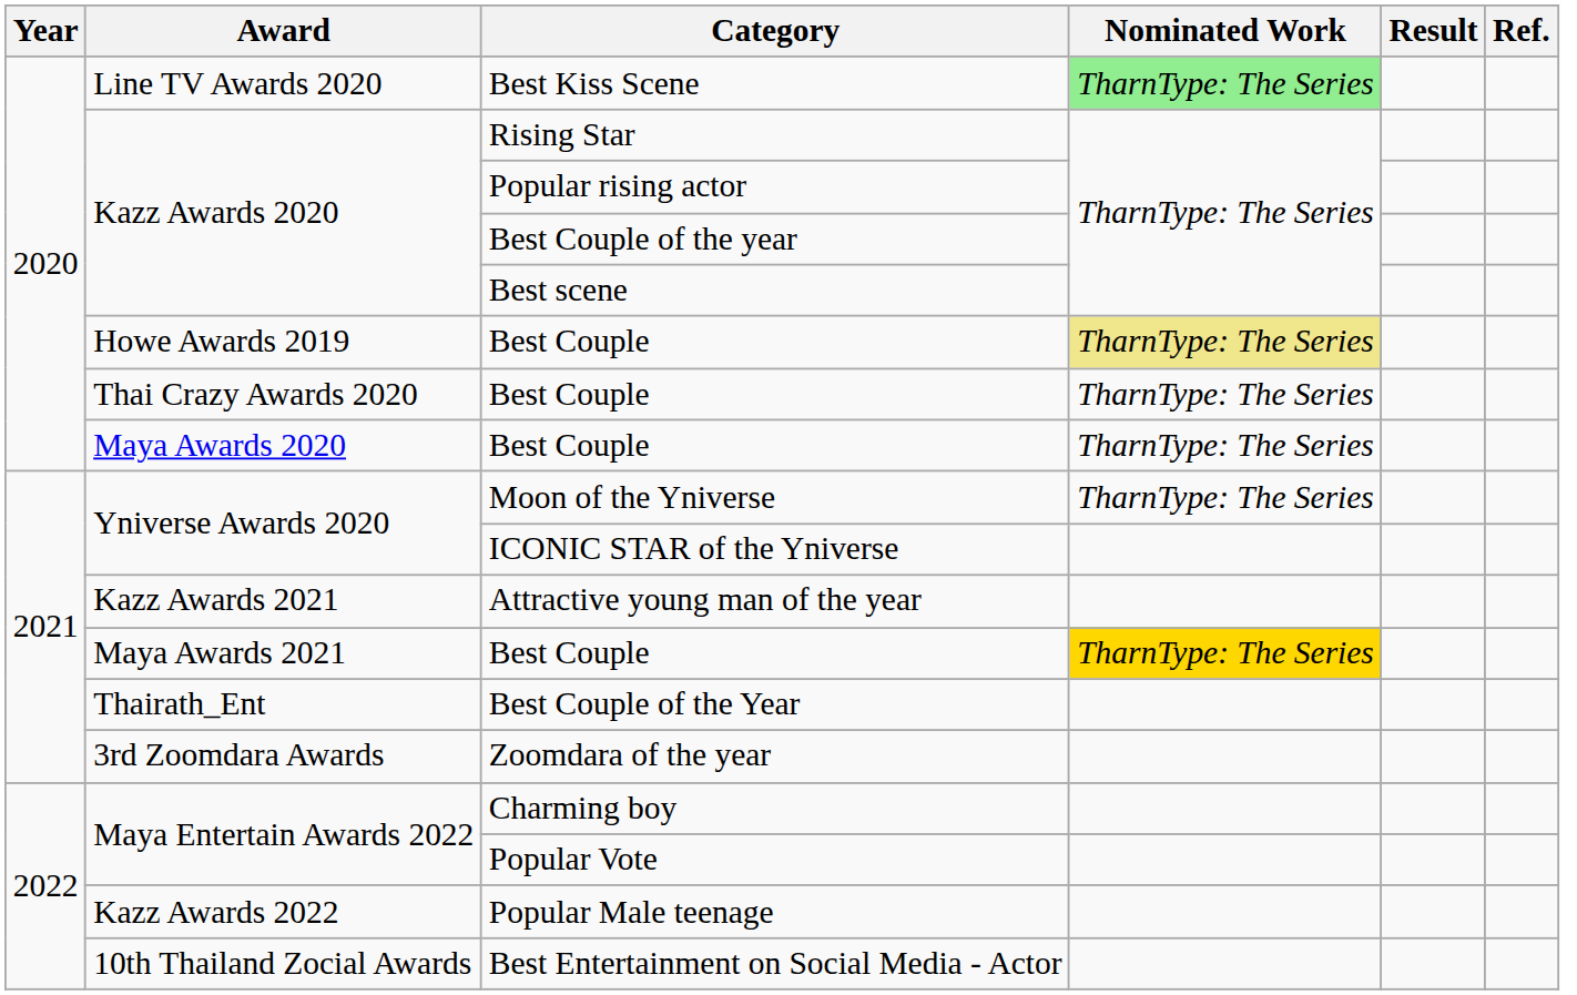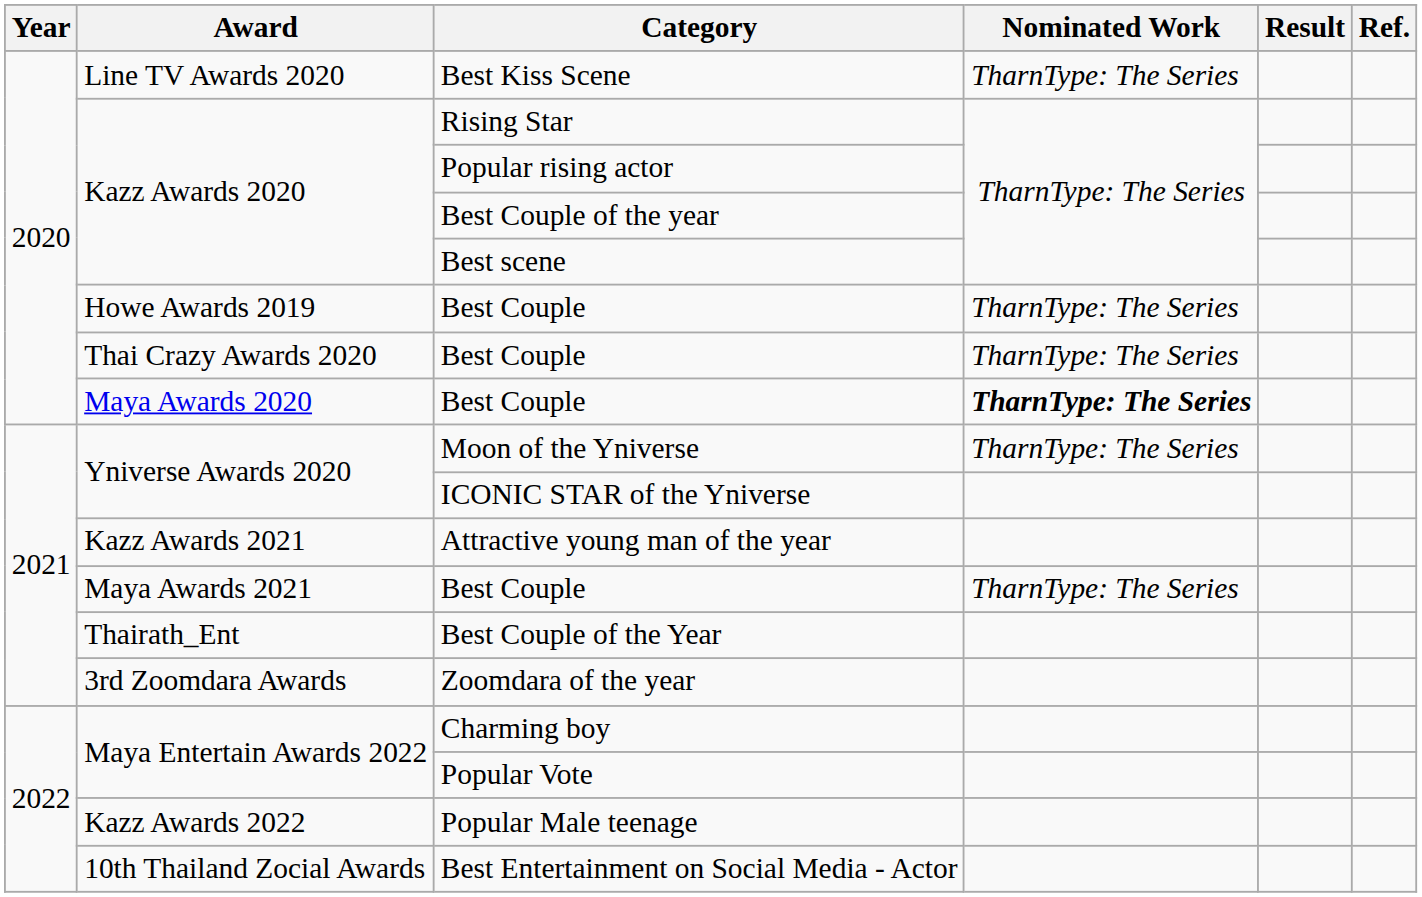 <table class="wikitable plainrowheaders sortable">
 <tr>
 <th scope="col">Year</th>
 <th scope="col">Award</th>
 <th scope="col">Category</th>
 <th scope="col">Nominated Work</th>
 <th scope="col" class="unsortable">Result</th>
 <th scope="col" class="unsortable">Ref.</th>
 </tr>
 <tr>
 <td rowspan="8">2020</td>
 <td>Line TV Awards 2020</td>
 <td>Best Kiss Scene</td>
-<td style="background: lightgreen;"><em>TharnType: The Series</em></td>
+<td><em>TharnType: The Series</em></td>
 <td></td>
 <td></td>
 </tr>
 <tr>
 <td rowspan="4">Kazz Awards 2020</td>
 <td>Rising Star</td>
 <td rowspan="4" align="center"><em>TharnType: The Series</em></td>
 <td></td>
 <td></td>
 </tr>
 <tr>
 <td>Popular rising actor</td>
 <td></td>
 <td></td>
 </tr>
 <tr>
 <td>Best Couple of the year</td>
 <td></td>
 <td></td>
 </tr>
 <tr>
 <td>Best scene</td>
 <td></td>
 <td></td>
 </tr>
 <tr>
 <td>Howe Awards 2019</td>
 <td>Best Couple</td>
-<td style="background: khaki;"><em>TharnType: The Series</em></td>
+<td><em>TharnType: The Series</em></td>
 <td></td>
 <td></td>
 </tr>
 <tr>
 <td>Thai Crazy Awards 2020</td>
 <td>Best Couple</td>
 <td><em>TharnType: The Series</em></td>
 <td></td>
 <td></td>
 </tr>
 <tr>
 <td><a href='#'>Maya Awards 2020</a></td>
 <td>Best Couple</td>
-<td><em>TharnType: The Series</em></td>
+<td><strong><em>TharnType: The Series</em></strong></td>
 <td></td>
 <td></td>
 </tr>
 <tr>
 <td rowspan="6">2021</td>
 <td rowspan="2">Yniverse Awards 2020</td>
 <td>Moon of the Yniverse</td>
 <td><em>TharnType: The Series</em></td>
 <td></td>
 <td></td>
 </tr>
 <tr>
 <td>ICONIC STAR of the Yniverse</td>
 <td></td>
 <td></td>
 <td></td>
 </tr>
 <tr>
 <td>Kazz Awards 2021</td>
 <td>Attractive young man of the year</td>
 <td></td>
 <td></td>
 <td></td>
 </tr>
 <tr>
 <td>Maya Awards 2021</td>
 <td>Best Couple</td>
-<td style="background: gold;"><em>TharnType: The Series</em></td>
+<td><em>TharnType: The Series</em></td>
 <td></td>
 <td></td>
 </tr>
 <tr>
 <td>Thairath_Ent</td>
 <td>Best Couple of the Year</td>
 <td></td>
 <td></td>
 <td></td>
 </tr>
 <tr>
 <td>3rd Zoomdara Awards</td>
 <td>Zoomdara of the year</td>
 <td></td>
 <td></td>
 <td></td>
 </tr>
 <tr>
 <td rowspan="4">2022</td>
 <td rowspan="2">Maya Entertain Awards 2022</td>
 <td Charming boy>Charming boy</td>
 <td></td>
 <td></td>
 <td></td>
 </tr>
 <tr>
 <td>Popular Vote</td>
 <td></td>
 <td></td>
 <td></td>
 </tr>
 <tr>
 <td>Kazz Awards 2022</td>
 <td>Popular Male teenage</td>
 <td></td>
 <td></td>
 <td></td>
 </tr>
 <tr>
 <td>10th Thailand Zocial Awards</td>
 <td>Best Entertainment on Social Media - Actor</td>
 <td></td>
 <td></td>
 <td></td>
 </tr>
 </table>
